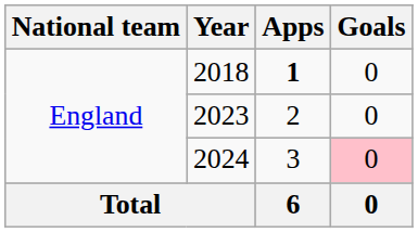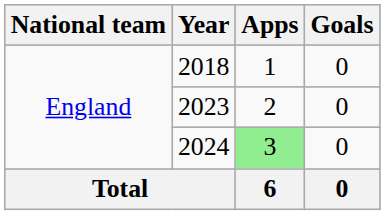 <table class="wikitable" style="text-align: center;">
 <tr>
 <th>National team</th>
 <th>Year</th>
 <th>Apps</th>
 <th>Goals</th>
 </tr>
 <tr>
 <td rowspan="3"><a href='#'>England</a></td>
 <td>2018</td>
-<td><strong>1</strong></td>
+<td>1</td>
 <td>0</td>
 </tr>
 <tr>
 <td>2023</td>
 <td>2</td>
 <td>0</td>
 </tr>
 <tr>
 <td>2024</td>
-<td>3</td>
-<td style="background: pink;">0</td>
+<td style="background: lightgreen;">3</td>
+<td>0</td>
 </tr>
 <tr>
 <th colspan="2">Total</th>
 <th>6</th>
 <th>0</th>
 </tr>
 </table>
